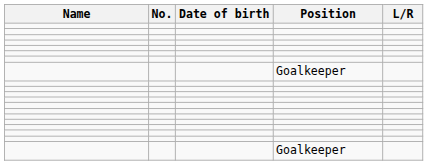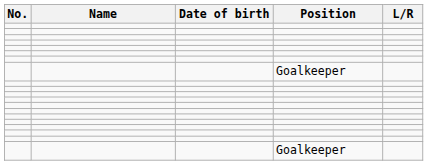 <table class="wikitable sortable" style=font-size:100%; text-align:center;>
 <tr>
+<th>No.</th>
 <th style=width:12em>Name</th>
-<th>No.</th>
 <th style=width:8em>Date of birth</th>
 <th style=width:9em>Position</th>
 <th style=width:3em>L/R</th>
 </tr>
 <tr>
+<td></td>
 <td align=left></td>
-<td></td>
 <td align=right></td>
 <td></td>
 <td></td>
 </tr>
 <tr>
+<td></td>
 <td align=left></td>
-<td></td>
 <td align=right></td>
 <td></td>
 <td></td>
 </tr>
 <tr>
+<td></td>
 <td align=left></td>
-<td></td>
 <td align=right></td>
 <td></td>
 <td></td>
 </tr>
 <tr>
+<td></td>
 <td align=left></td>
-<td></td>
 <td align=right></td>
 <td></td>
 <td></td>
 </tr>
 <tr>
+<td></td>
 <td align=left></td>
-<td></td>
 <td align=right></td>
 <td></td>
 <td></td>
 </tr>
 <tr>
+<td></td>
 <td align=left></td>
-<td></td>
 <td align=right></td>
 <td></td>
 <td></td>
 </tr>
 <tr>
+<td></td>
 <td align=left></td>
-<td></td>
 <td align=right></td>
 <td></td>
 <td></td>
 </tr>
 <tr>
+<td></td>
 <td align=left></td>
-<td></td>
 <td align=right></td>
 <td>Goalkeeper</td>
 <td></td>
 </tr>
 <tr>
+<td></td>
 <td align=left></td>
-<td></td>
 <td align=right></td>
 <td></td>
 <td></td>
 </tr>
 <tr>
+<td></td>
 <td align=left></td>
-<td></td>
 <td align=right></td>
 <td></td>
 <td></td>
 </tr>
 <tr>
+<td></td>
 <td align=left></td>
-<td></td>
 <td align=right></td>
 <td></td>
 <td></td>
 </tr>
 <tr>
+<td></td>
 <td align=left></td>
-<td></td>
 <td align=right></td>
 <td></td>
 <td></td>
 </tr>
 <tr>
+<td></td>
 <td align=left></td>
-<td></td>
 <td align=right></td>
 <td></td>
 <td></td>
 </tr>
 <tr>
+<td></td>
 <td align=left></td>
-<td></td>
 <td align=right></td>
 <td></td>
 <td></td>
 </tr>
 <tr>
+<td></td>
 <td align=left></td>
-<td></td>
 <td align=right></td>
 <td></td>
 <td></td>
 </tr>
 <tr>
+<td></td>
 <td align=left></td>
-<td></td>
 <td align=right></td>
 <td></td>
 <td></td>
 </tr>
 <tr>
+<td></td>
 <td align=left></td>
-<td></td>
 <td align=right></td>
 <td></td>
 <td></td>
 </tr>
 <tr>
+<td></td>
 <td align=left></td>
-<td></td>
 <td align=right></td>
 <td></td>
 <td></td>
 </tr>
 <tr>
+<td></td>
 <td align=left></td>
-<td></td>
 <td align=right></td>
 <td></td>
 <td></td>
 </tr>
 <tr>
+<td></td>
 <td align=left></td>
-<td></td>
 <td align=right></td>
 <td>Goalkeeper</td>
 <td></td>
 </tr>
 </table>
